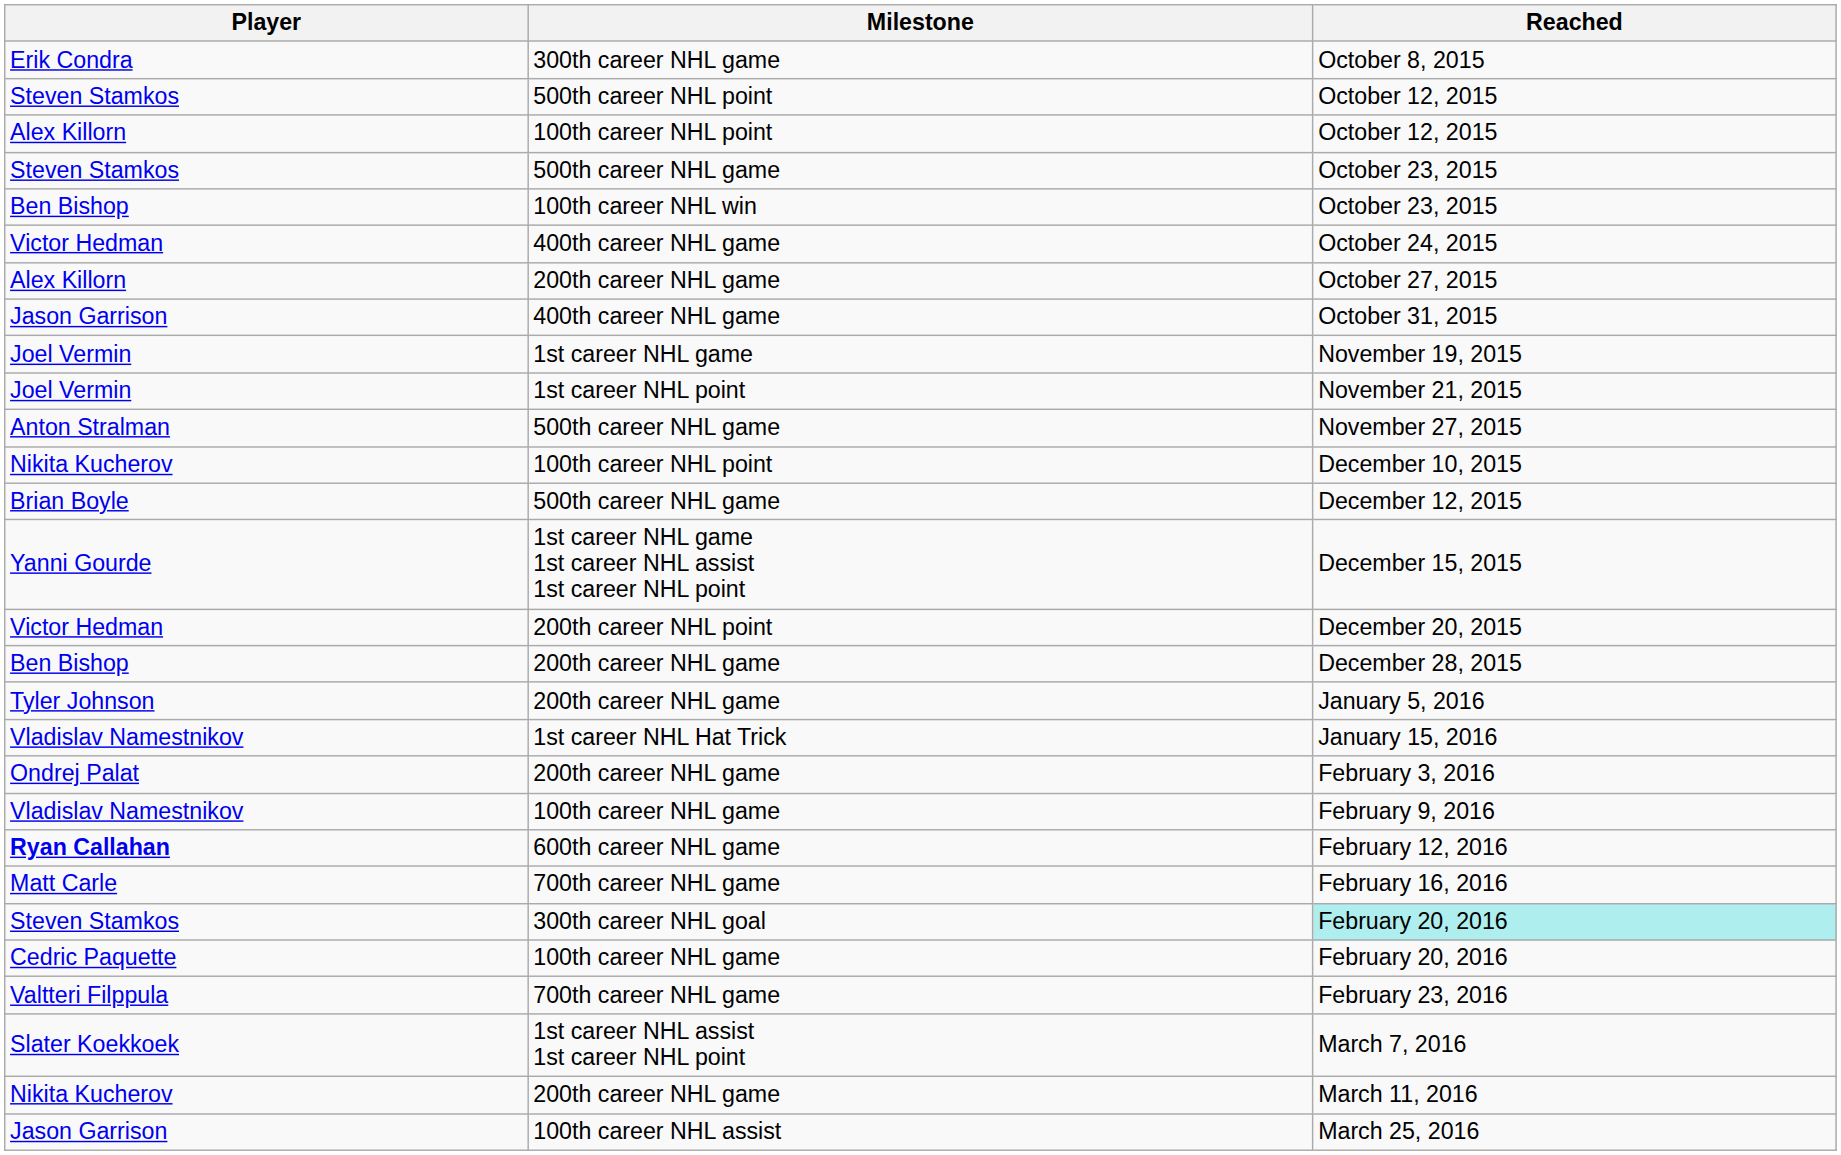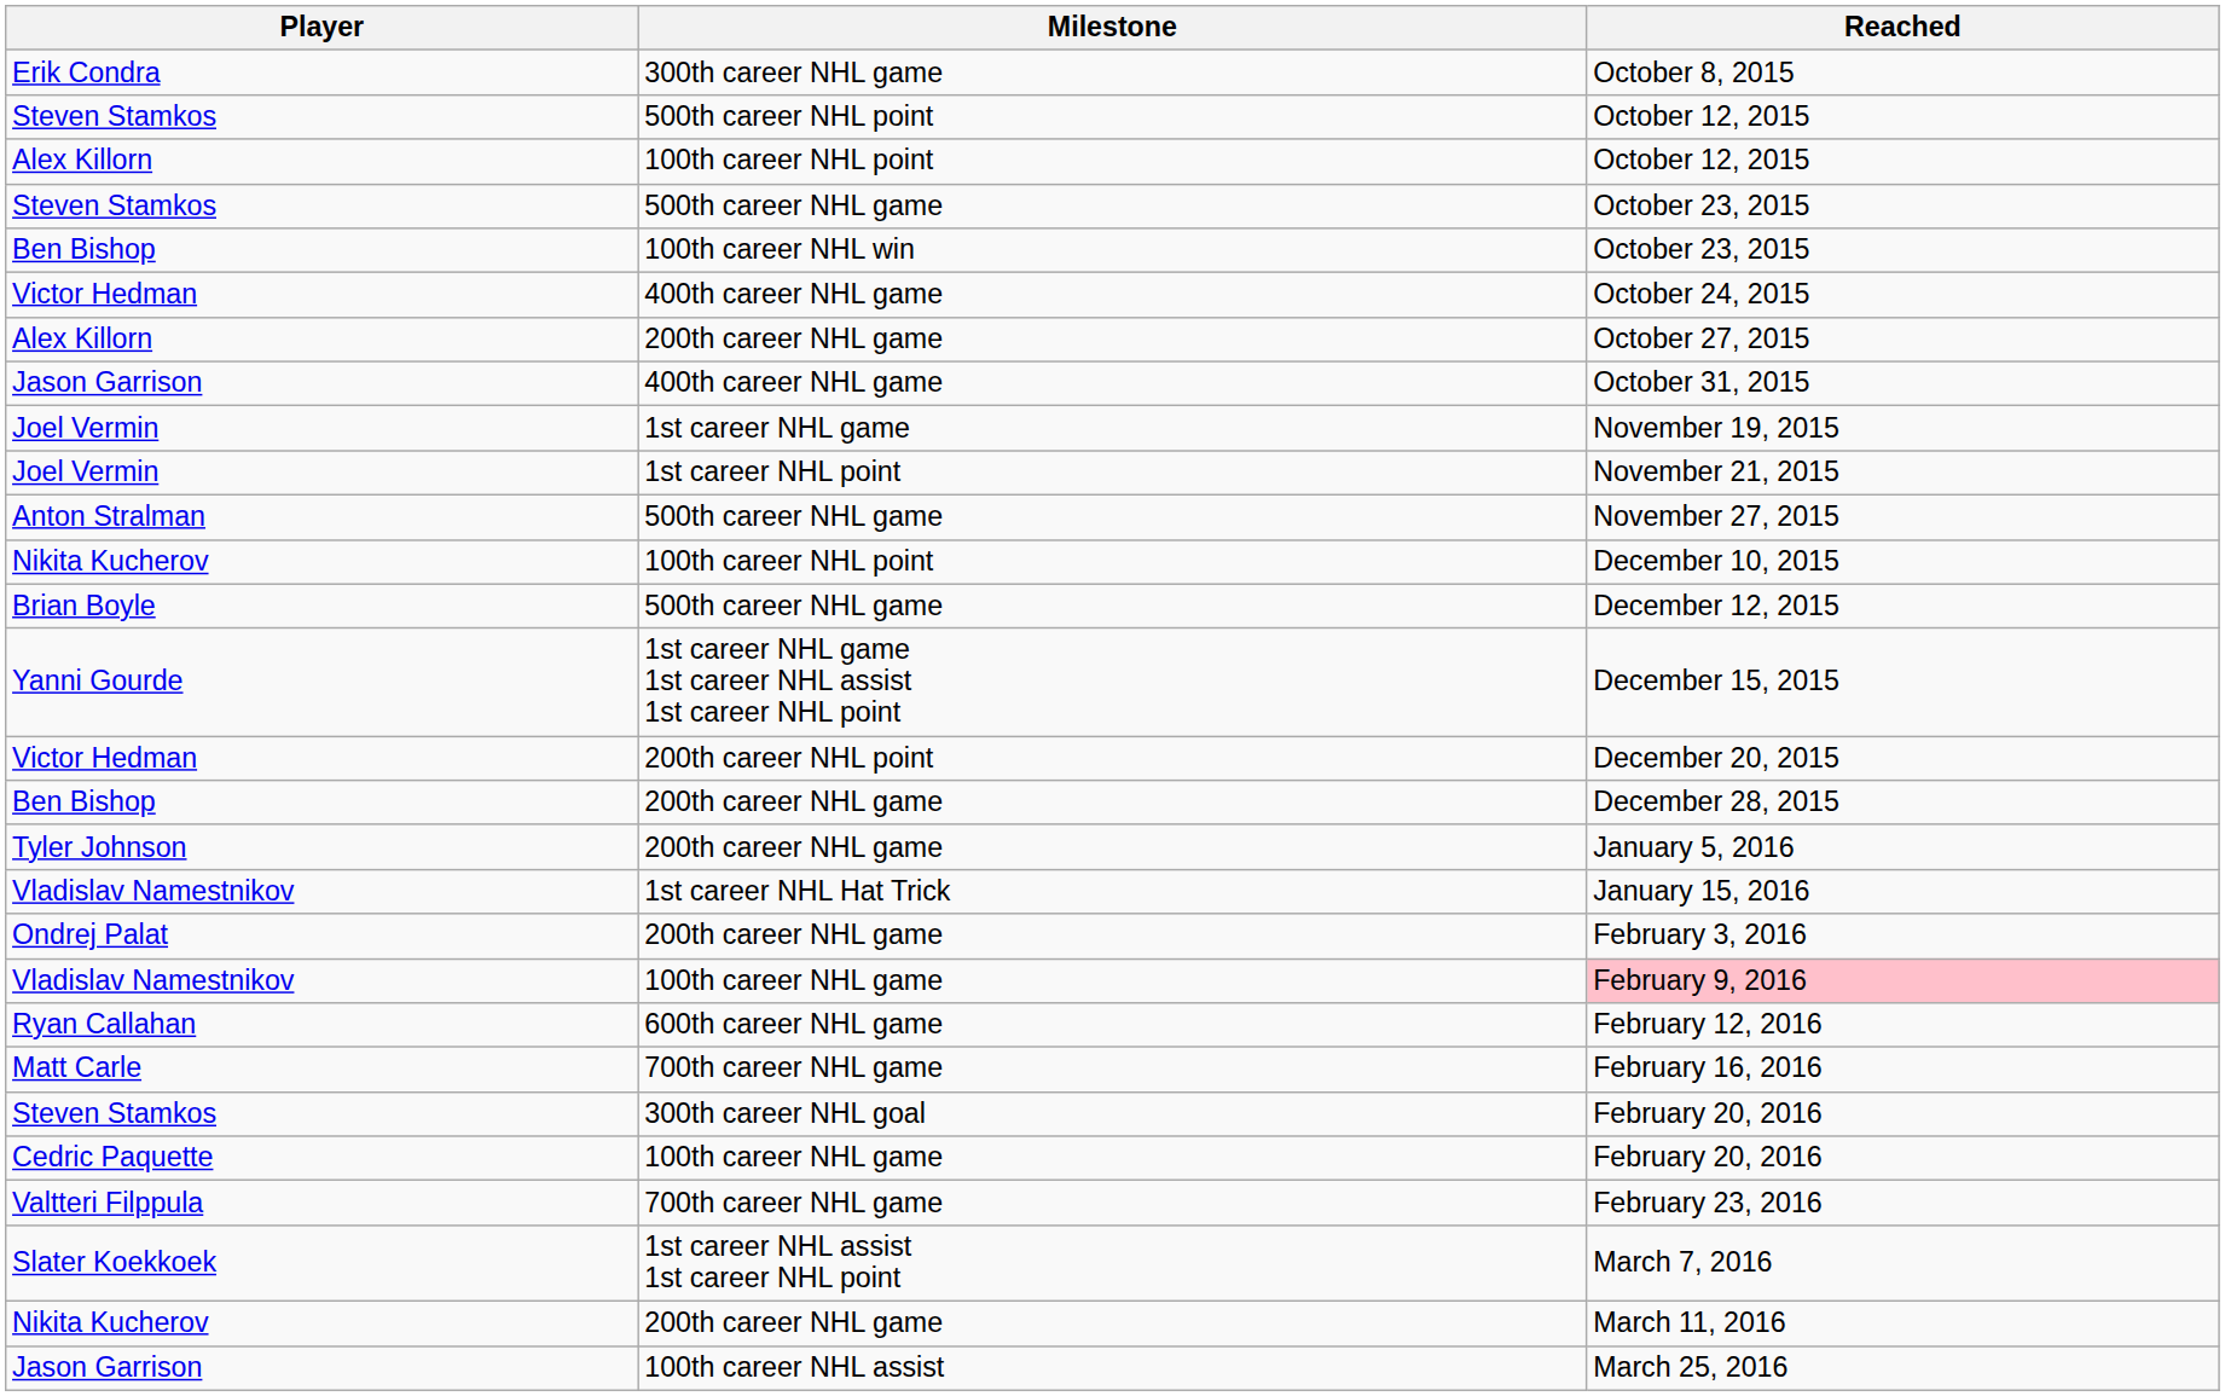 <table class="wikitable sortable" style="width:100%;">
 <tr align=center>
 <th style="width:20%;">Player</th>
 <th style="width:30%;">Milestone</th>
 <th style="width:20%;" data-sort-type="date">Reached</th>
 </tr>
 <tr>
 <td><a href='#'>Erik Condra</a></td>
 <td>300th career NHL game</td>
 <td>October 8, 2015</td>
 </tr>
 <tr>
 <td><a href='#'>Steven Stamkos</a></td>
 <td>500th career NHL point</td>
 <td>October 12, 2015</td>
 </tr>
 <tr>
 <td><a href='#'>Alex Killorn</a></td>
 <td>100th career NHL point</td>
 <td>October 12, 2015</td>
 </tr>
 <tr>
 <td><a href='#'>Steven Stamkos</a></td>
 <td>500th career NHL game</td>
 <td>October 23, 2015</td>
 </tr>
 <tr>
 <td><a href='#'>Ben Bishop</a></td>
 <td>100th career NHL win</td>
 <td>October 23, 2015</td>
 </tr>
 <tr>
 <td><a href='#'>Victor Hedman</a></td>
 <td>400th career NHL game</td>
 <td>October 24, 2015</td>
 </tr>
 <tr>
 <td><a href='#'>Alex Killorn</a></td>
 <td>200th career NHL game</td>
 <td>October 27, 2015</td>
 </tr>
 <tr>
 <td><a href='#'>Jason Garrison</a></td>
 <td>400th career NHL game</td>
 <td>October 31, 2015</td>
 </tr>
 <tr>
 <td><a href='#'>Joel Vermin</a></td>
 <td>1st career NHL game</td>
 <td>November 19, 2015</td>
 </tr>
 <tr>
 <td><a href='#'>Joel Vermin</a></td>
 <td>1st career NHL point</td>
 <td>November 21, 2015</td>
 </tr>
 <tr>
 <td><a href='#'>Anton Stralman</a></td>
 <td>500th career NHL game</td>
 <td>November 27, 2015</td>
 </tr>
 <tr>
 <td><a href='#'>Nikita Kucherov</a></td>
 <td>100th career NHL point</td>
 <td>December 10, 2015</td>
 </tr>
 <tr>
 <td><a href='#'>Brian Boyle</a></td>
 <td>500th career NHL game</td>
 <td>December 12, 2015</td>
 </tr>
 <tr>
 <td><a href='#'>Yanni Gourde</a></td>
 <td>1st career NHL game<br>1st career NHL assist<br>1st career NHL point</td>
 <td>December 15, 2015</td>
 </tr>
 <tr>
 <td><a href='#'>Victor Hedman</a></td>
 <td>200th career NHL point</td>
 <td>December 20, 2015</td>
 </tr>
 <tr>
 <td><a href='#'>Ben Bishop</a></td>
 <td>200th career NHL game</td>
 <td>December 28, 2015</td>
 </tr>
 <tr>
 <td><a href='#'>Tyler Johnson</a></td>
 <td>200th career NHL game</td>
 <td>January 5, 2016</td>
 </tr>
 <tr>
 <td><a href='#'>Vladislav Namestnikov</a></td>
 <td>1st career NHL Hat Trick</td>
 <td>January 15, 2016</td>
 </tr>
 <tr>
 <td><a href='#'>Ondrej Palat</a></td>
 <td>200th career NHL game</td>
 <td>February 3, 2016</td>
 </tr>
 <tr>
 <td><a href='#'>Vladislav Namestnikov</a></td>
 <td>100th career NHL game</td>
-<td>February 9, 2016</td>
+<td style="background: pink;">February 9, 2016</td>
 </tr>
 <tr>
-<td><strong><a href='#'>Ryan Callahan</a></strong></td>
+<td><a href='#'>Ryan Callahan</a></td>
 <td>600th career NHL game</td>
 <td>February 12, 2016</td>
 </tr>
 <tr>
 <td><a href='#'>Matt Carle</a></td>
 <td>700th career NHL game</td>
 <td>February 16, 2016</td>
 </tr>
 <tr>
 <td><a href='#'>Steven Stamkos</a></td>
 <td>300th career NHL goal</td>
-<td style="background: paleturquoise;">February 20, 2016</td>
+<td>February 20, 2016</td>
 </tr>
 <tr>
 <td><a href='#'>Cedric Paquette</a></td>
 <td>100th career NHL game</td>
 <td>February 20, 2016</td>
 </tr>
 <tr>
 <td><a href='#'>Valtteri Filppula</a></td>
 <td>700th career NHL game</td>
 <td>February 23, 2016</td>
 </tr>
 <tr>
 <td><a href='#'>Slater Koekkoek</a></td>
 <td>1st career NHL assist<br>1st career NHL point</td>
 <td>March 7, 2016</td>
 </tr>
 <tr>
 <td><a href='#'>Nikita Kucherov</a></td>
 <td>200th career NHL game</td>
 <td>March 11, 2016</td>
 </tr>
 <tr>
 <td><a href='#'>Jason Garrison</a></td>
 <td>100th career NHL assist</td>
 <td>March 25, 2016</td>
 </tr>
 </table>
